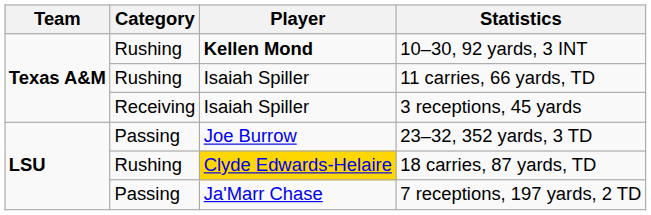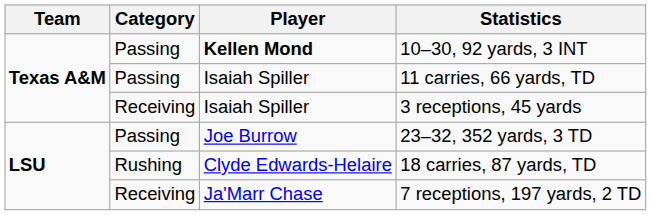 <table class="wikitable" style="float: right;">
 <tr>
 <th>Team</th>
 <th>Category</th>
 <th>Player</th>
 <th>Statistics</th>
 </tr>
 <tr>
 <td rowspan=3><strong>Texas A&M</strong></td>
-<td>Rushing</td>
+<td>Passing</td>
 <td><strong>Kellen Mond</strong></td>
 <td>10–30, 92 yards, 3 INT</td>
 </tr>
 <tr>
-<td>Rushing</td>
+<td>Passing</td>
 <td>Isaiah Spiller</td>
 <td>11 carries, 66 yards, TD</td>
 </tr>
 <tr>
 <td>Receiving</td>
 <td>Isaiah Spiller</td>
 <td>3 receptions, 45 yards</td>
 </tr>
 <tr>
 <td rowspan=3><strong>LSU</strong></td>
 <td>Passing</td>
 <td><a href='#'>Joe Burrow</a></td>
 <td>23–32, 352 yards, 3 TD</td>
 </tr>
 <tr>
 <td>Rushing</td>
-<td style="background: gold;"><a href='#'>Clyde Edwards-Helaire</a></td>
+<td><a href='#'>Clyde Edwards-Helaire</a></td>
 <td>18 carries, 87 yards, TD</td>
 </tr>
 <tr>
-<td>Passing</td>
+<td>Receiving</td>
 <td><a href='#'>Ja'Marr Chase</a></td>
 <td>7 receptions, 197 yards, 2 TD</td>
 </tr>
 </table>
